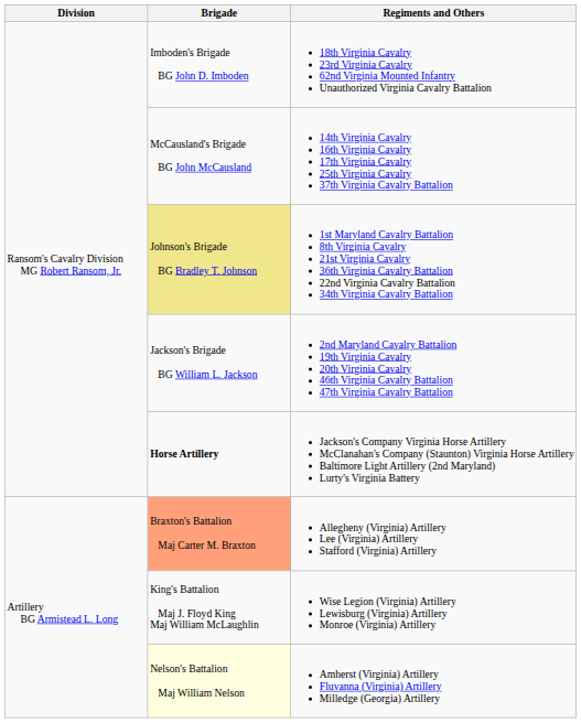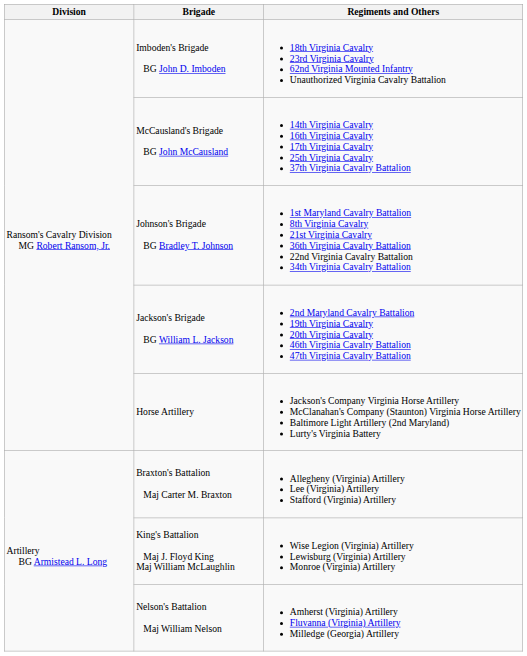 <table class="wikitable">
 <tr>
 <th width=25%>Division</th>
 <th width=25%>Brigade</th>
 <th>Regiments and Others</th>
 </tr>
 <tr>
 <td rowspan=5><br>Ransom's Cavalry Division <br>     MG <a href='#'>Robert Ransom, Jr.</a></td>
 <td>Imboden's Brigade<br><br>   BG <a href='#'>John D. Imboden</a></td>
 <td><br><ul><li><a href='#'>18th Virginia Cavalry</a></li><li><a href='#'>23rd Virginia Cavalry</a></li><li><a href='#'>62nd Virginia Mounted Infantry</a></li><li>Unauthorized Virginia Cavalry Battalion</li></ul></td>
 </tr>
 <tr>
 <td>McCausland's Brigade<br><br>   BG <a href='#'>John McCausland</a></td>
 <td><br><ul><li><a href='#'>14th Virginia Cavalry</a></li><li><a href='#'>16th Virginia Cavalry</a></li><li><a href='#'>17th Virginia Cavalry</a></li><li><a href='#'>25th Virginia Cavalry</a></li><li><a href='#'>37th Virginia Cavalry Battalion</a></li></ul></td>
 </tr>
 <tr>
-<td style="background: khaki;">Johnson's Brigade<br><br>   BG <a href='#'>Bradley T. Johnson</a></td>
+<td>Johnson's Brigade<br><br>   BG <a href='#'>Bradley T. Johnson</a></td>
 <td><br><ul><li><a href='#'>1st Maryland Cavalry Battalion</a></li><li><a href='#'>8th Virginia Cavalry</a></li><li><a href='#'>21st Virginia Cavalry</a></li><li><a href='#'>36th Virginia Cavalry Battalion</a></li><li>22nd Virginia Cavalry Battalion</li><li><a href='#'>34th Virginia Cavalry Battalion</a></li></ul></td>
 </tr>
 <tr>
 <td>Jackson's Brigade<br><br>   BG <a href='#'>William L. Jackson</a></td>
 <td><br><ul><li><a href='#'>2nd Maryland Cavalry Battalion</a></li><li><a href='#'>19th Virginia Cavalry</a></li><li><a href='#'>20th Virginia Cavalry</a></li><li><a href='#'>46th Virginia Cavalry Battalion</a></li><li><a href='#'>47th Virginia Cavalry Battalion</a></li></ul></td>
 </tr>
 <tr>
-<td><strong>Horse Artillery</strong></td>
+<td>Horse Artillery</td>
 <td><br><ul><li>Jackson's Company Virginia Horse Artillery</li><li>McClanahan's Company (Staunton) Virginia Horse Artillery</li><li>Baltimore Light Artillery (2nd Maryland)</li><li>Lurty's Virginia Battery</li></ul></td>
 </tr>
 <tr>
 <td rowspan=3><br>Artillery <br>     BG <a href='#'>Armistead L. Long</a></td>
-<td style="background: lightsalmon;">Braxton's Battalion<br><br>   Maj Carter M. Braxton</td>
+<td>Braxton's Battalion<br><br>   Maj Carter M. Braxton</td>
 <td><br><ul><li>Allegheny (Virginia) Artillery</li><li>Lee (Virginia) Artillery</li><li>Stafford (Virginia) Artillery</li></ul></td>
 </tr>
 <tr>
 <td>King's Battalion<br><br>   Maj J. Floyd King <br> Maj William McLaughlin</td>
 <td><br><ul><li>Wise Legion (Virginia) Artillery</li><li>Lewisburg (Virginia) Artillery</li><li>Monroe (Virginia) Artillery</li></ul></td>
 </tr>
 <tr>
-<td style="background: lightyellow;">Nelson's Battalion<br><br>   Maj William Nelson</td>
+<td>Nelson's Battalion<br><br>   Maj William Nelson</td>
 <td><br><ul><li>Amherst (Virginia) Artillery</li><li><a href='#'>Fluvanna (Virginia) Artillery</a></li><li>Milledge (Georgia) Artillery</li></ul></td>
 </tr>
 </table>
